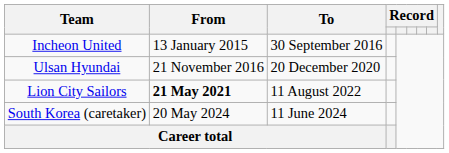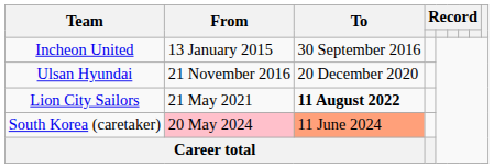 <table class="wikitable" style="text-align: center;">
 <tr>
 <th rowspan="2">Team</th>
 <th rowspan="2">From</th>
 <th rowspan="2">To</th>
 <th colspan="5">Record</th>
 <th rowspan="2"></th>
 </tr>
 <tr>
 <th></th>
 <th></th>
 <th></th>
 <th></th>
 <th></th>
 </tr>
 <tr>
 <td><a href='#'>Incheon United</a></td>
 <td align="left">13 January 2015</td>
 <td align="left">30 September 2016<br></td>
 <td></td>
 </tr>
 <tr>
 <td><a href='#'>Ulsan Hyundai</a></td>
 <td align="left">21 November 2016</td>
 <td align="left">20 December 2020<br></td>
 <td></td>
 </tr>
 <tr>
 <td><a href='#'>Lion City Sailors</a></td>
-<td align="left"><strong>21 May 2021</strong></td>
-<td align="left">11 August 2022<br></td>
+<td align="left">21 May 2021</td>
+<td align="left"><strong>11 August 2022<br></strong></td>
 <td></td>
 </tr>
 <tr>
 <td><a href='#'>South Korea</a> (caretaker)</td>
-<td align="left">20 May 2024</td>
-<td align="left">11 June 2024<br></td>
+<td align="left" style="background: pink;">20 May 2024</td>
+<td align="left" style="background: lightsalmon;">11 June 2024<br></td>
 <td></td>
 </tr>
 <tr>
 <th colspan="3">Career total<br></th>
 <th></th>
 </tr>
 </table>
